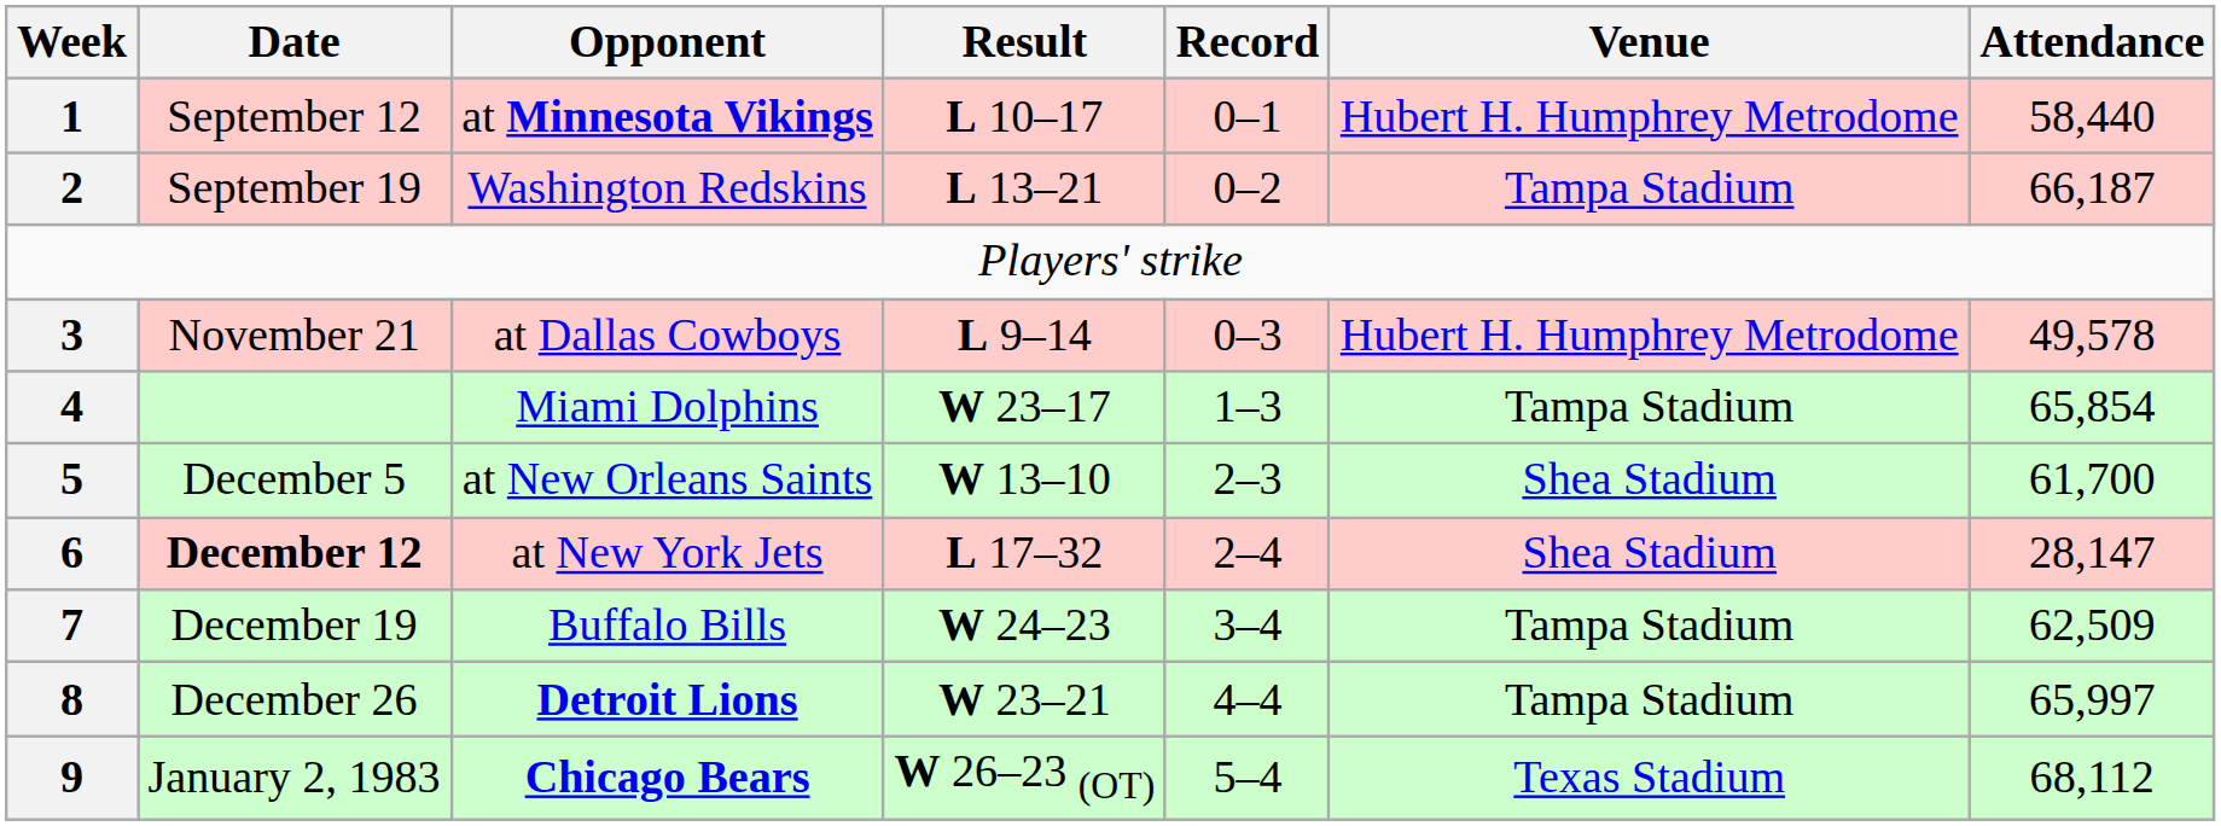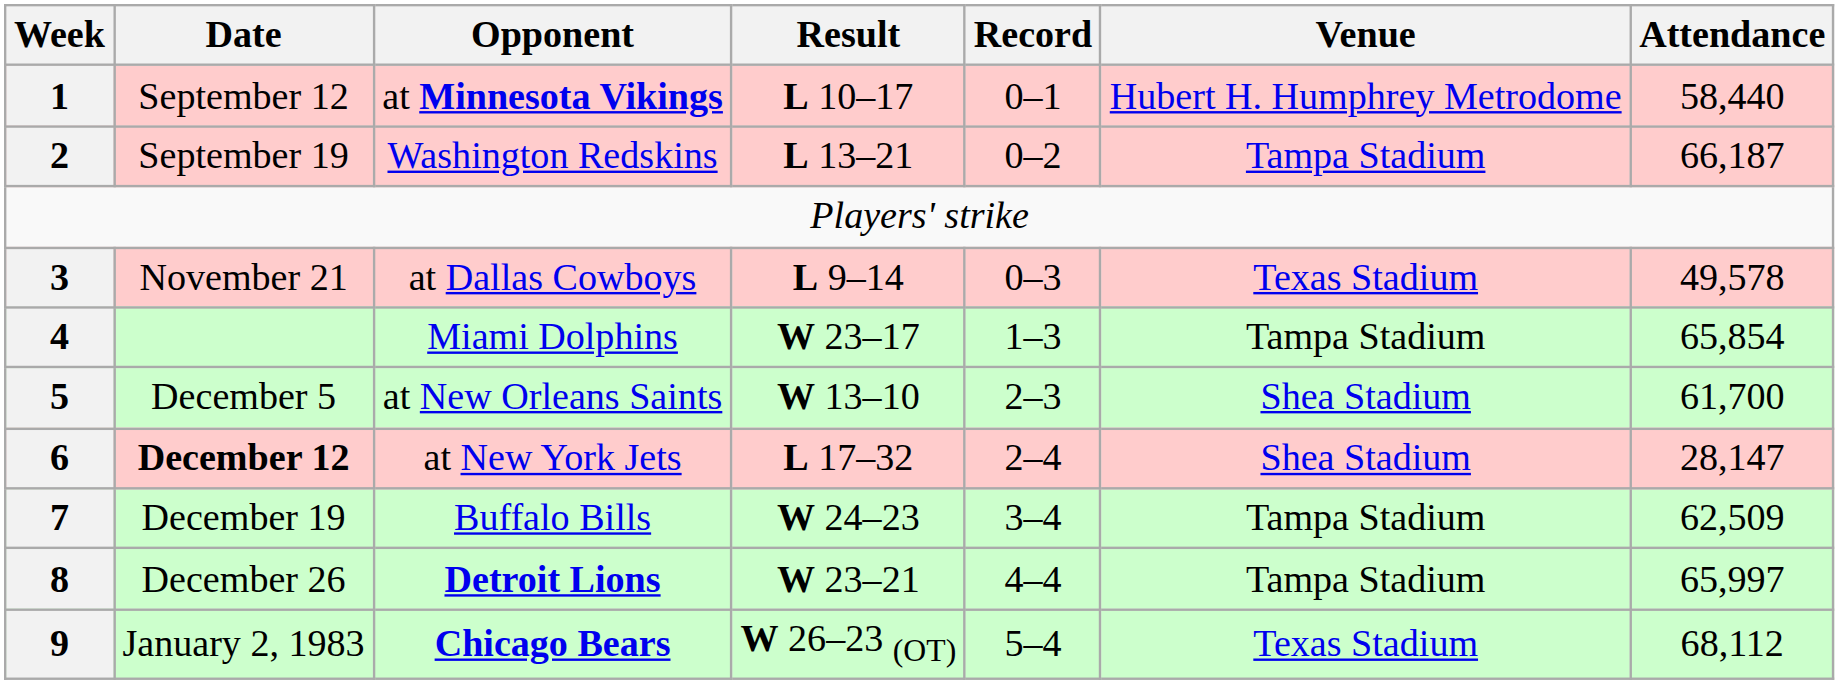 <table class="wikitable" style="text-align:center">
 <tr>
 <th>Week</th>
 <th>Date</th>
 <th>Opponent</th>
 <th>Result</th>
 <th>Record</th>
 <th>Venue</th>
 <th>Attendance</th>
 </tr>
 <tr style="background:#fcc">
 <th>1</th>
 <td>September 12</td>
 <td>at <strong><a href='#'>Minnesota Vikings</a></strong></td>
 <td><strong>L</strong> 10–17</td>
 <td>0–1</td>
 <td><a href='#'>Hubert H. Humphrey Metrodome</a></td>
 <td>58,440</td>
 </tr>
 <tr style="background:#fcc">
 <th>2</th>
 <td>September 19</td>
 <td><a href='#'>Washington Redskins</a></td>
 <td><strong>L</strong> 13–21</td>
 <td>0–2</td>
 <td><a href='#'>Tampa Stadium</a></td>
 <td>66,187</td>
 </tr>
 <tr>
 <td colspan=9 align="center"><em>Players' strike</em></td>
 </tr>
 <tr style="background:#fcc">
 <th>3</th>
 <td>November 21</td>
 <td>at <a href='#'>Dallas Cowboys</a></td>
 <td><strong>L</strong> 9–14</td>
 <td>0–3</td>
-<td><a href='#'>Hubert H. Humphrey Metrodome</a></td>
+<td><a href='#'>Texas Stadium</a></td>
 <td>49,578</td>
 </tr>
 <tr style="background:#cfc">
 <th>4</th>
 <td></td>
 <td><a href='#'>Miami Dolphins</a></td>
 <td><strong>W</strong> 23–17</td>
 <td>1–3</td>
 <td>Tampa Stadium</td>
 <td>65,854</td>
 </tr>
 <tr style="background:#cfc">
 <th>5</th>
 <td>December 5</td>
 <td>at <a href='#'>New Orleans Saints</a></td>
 <td><strong>W</strong> 13–10</td>
 <td>2–3</td>
 <td><a href='#'>Shea Stadium</a></td>
 <td>61,700</td>
 </tr>
 <tr style="background:#fcc">
 <th>6</th>
 <td><strong>December 12</strong></td>
 <td>at <a href='#'>New York Jets</a></td>
 <td><strong>L</strong> 17–32</td>
 <td>2–4</td>
 <td><a href='#'>Shea Stadium</a></td>
 <td>28,147</td>
 </tr>
 <tr style="background:#cfc">
 <th>7</th>
 <td>December 19</td>
 <td><a href='#'>Buffalo Bills</a></td>
 <td><strong>W</strong> 24–23</td>
 <td>3–4</td>
 <td>Tampa Stadium</td>
 <td>62,509</td>
 </tr>
 <tr style="background:#cfc">
 <th>8</th>
 <td>December 26</td>
 <td><strong><a href='#'>Detroit Lions</a></strong></td>
 <td><strong>W</strong> 23–21</td>
 <td>4–4</td>
 <td>Tampa Stadium</td>
 <td>65,997</td>
 </tr>
 <tr style="background:#cfc">
 <th>9</th>
 <td>January 2, 1983</td>
 <td><strong><a href='#'>Chicago Bears</a></strong></td>
 <td><strong>W</strong> 26–23 <sub>(OT)</sub></td>
 <td>5–4</td>
 <td><a href='#'>Texas Stadium</a></td>
 <td>68,112</td>
 </tr>
 </table>
